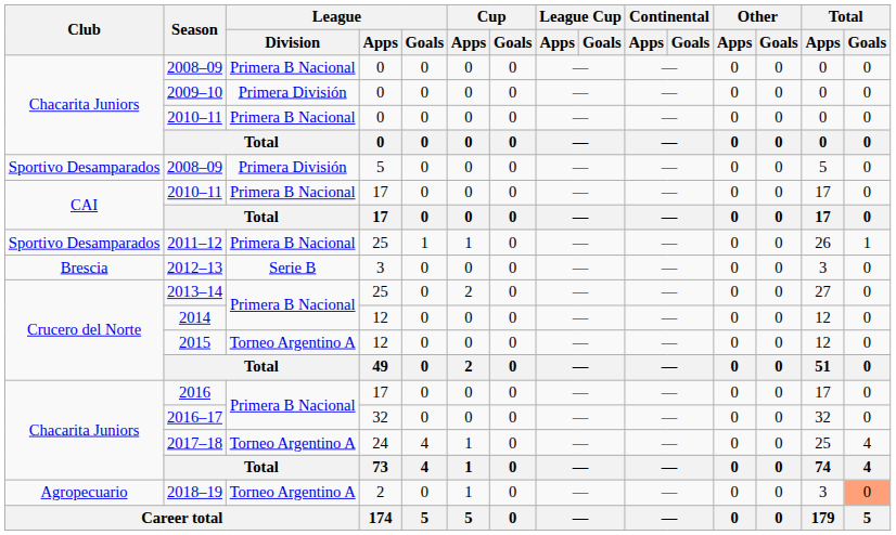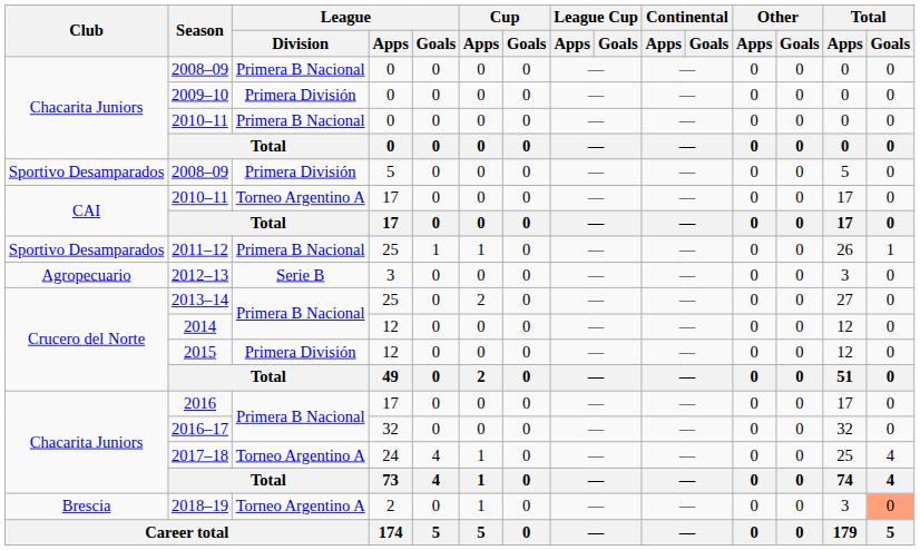 <table class="wikitable" style="text-align:center">
 <tr>
 <th rowspan="2">Club</th>
 <th rowspan="2">Season</th>
 <th colspan="3">League</th>
 <th colspan="2">Cup</th>
 <th colspan="2">League Cup</th>
 <th colspan="2">Continental</th>
 <th colspan="2">Other</th>
 <th colspan="2">Total</th>
 </tr>
 <tr>
 <th>Division</th>
 <th>Apps</th>
 <th>Goals</th>
 <th>Apps</th>
 <th>Goals</th>
 <th>Apps</th>
 <th>Goals</th>
 <th>Apps</th>
 <th>Goals</th>
 <th>Apps</th>
 <th>Goals</th>
 <th>Apps</th>
 <th>Goals</th>
 </tr>
 <tr>
 <td rowspan="4"><a href='#'>Chacarita Juniors</a></td>
 <td><a href='#'>2008–09</a></td>
 <td rowspan="1"><a href='#'>Primera B Nacional</a></td>
 <td>0</td>
 <td>0</td>
 <td>0</td>
 <td>0</td>
 <td colspan="2">—</td>
 <td colspan="2">—</td>
 <td>0</td>
 <td>0</td>
 <td>0</td>
 <td>0</td>
 </tr>
 <tr>
 <td><a href='#'>2009–10</a></td>
 <td rowspan="1"><a href='#'>Primera División</a></td>
 <td>0</td>
 <td>0</td>
 <td>0</td>
 <td>0</td>
 <td colspan="2">—</td>
 <td colspan="2">—</td>
 <td>0</td>
 <td>0</td>
 <td>0</td>
 <td>0</td>
 </tr>
 <tr>
 <td><a href='#'>2010–11</a></td>
 <td rowspan="1"><a href='#'>Primera B Nacional</a></td>
 <td>0</td>
 <td>0</td>
 <td>0</td>
 <td>0</td>
 <td colspan="2">—</td>
 <td colspan="2">—</td>
 <td>0</td>
 <td>0</td>
 <td>0</td>
 <td>0</td>
 </tr>
 <tr>
 <th colspan="2">Total</th>
 <th>0</th>
 <th>0</th>
 <th>0</th>
 <th>0</th>
 <th colspan="2">—</th>
 <th colspan="2">—</th>
 <th>0</th>
 <th>0</th>
 <th>0</th>
 <th>0</th>
 </tr>
 <tr>
 <td rowspan="1"><a href='#'>Sportivo Desamparados</a></td>
 <td><a href='#'>2008–09</a></td>
 <td rowspan="1"><a href='#'>Primera División</a></td>
 <td>5</td>
 <td>0</td>
 <td>0</td>
 <td>0</td>
 <td colspan="2">—</td>
 <td colspan="2">—</td>
 <td>0</td>
 <td>0</td>
 <td>5</td>
 <td>0</td>
 </tr>
 <tr>
 <td rowspan="2"><a href='#'>CAI</a></td>
 <td><a href='#'>2010–11</a></td>
-<td rowspan="1"><a href='#'>Primera B Nacional</a></td>
+<td rowspan="1"><a href='#'>Torneo Argentino A</a></td>
 <td>17</td>
 <td>0</td>
 <td>0</td>
 <td>0</td>
 <td colspan="2">—</td>
 <td colspan="2">—</td>
 <td>0</td>
 <td>0</td>
 <td>17</td>
 <td>0</td>
 </tr>
 <tr>
 <th colspan="2">Total</th>
 <th>17</th>
 <th>0</th>
 <th>0</th>
 <th>0</th>
 <th colspan="2">—</th>
 <th colspan="2">—</th>
 <th>0</th>
 <th>0</th>
 <th>17</th>
 <th>0</th>
 </tr>
 <tr>
 <td rowspan="1"><a href='#'>Sportivo Desamparados</a></td>
 <td><a href='#'>2011–12</a></td>
 <td rowspan="1"><a href='#'>Primera B Nacional</a></td>
 <td>25</td>
 <td>1</td>
 <td>1</td>
 <td>0</td>
 <td colspan="2">—</td>
 <td colspan="2">—</td>
 <td>0</td>
 <td>0</td>
 <td>26</td>
 <td>1</td>
 </tr>
 <tr>
-<td rowspan="1"><a href='#'>Brescia</a></td>
+<td rowspan="1"><a href='#'>Agropecuario</a></td>
 <td><a href='#'>2012–13</a></td>
 <td rowspan="1"><a href='#'>Serie B</a></td>
 <td>3</td>
 <td>0</td>
 <td>0</td>
 <td>0</td>
 <td colspan="2">—</td>
 <td colspan="2">—</td>
 <td>0</td>
 <td>0</td>
 <td>3</td>
 <td>0</td>
 </tr>
 <tr>
 <td rowspan="4"><a href='#'>Crucero del Norte</a></td>
 <td><a href='#'>2013–14</a></td>
 <td rowspan="2"><a href='#'>Primera B Nacional</a></td>
 <td>25</td>
 <td>0</td>
 <td>2</td>
 <td>0</td>
 <td colspan="2">—</td>
 <td colspan="2">—</td>
 <td>0</td>
 <td>0</td>
 <td>27</td>
 <td>0</td>
 </tr>
 <tr>
 <td><a href='#'>2014</a></td>
 <td>12</td>
 <td>0</td>
 <td>0</td>
 <td>0</td>
 <td colspan="2">—</td>
 <td colspan="2">—</td>
 <td>0</td>
 <td>0</td>
 <td>12</td>
 <td>0</td>
 </tr>
 <tr>
 <td><a href='#'>2015</a></td>
-<td rowspan="1"><a href='#'>Torneo Argentino A</a></td>
+<td rowspan="1"><a href='#'>Primera División</a></td>
 <td>12</td>
 <td>0</td>
 <td>0</td>
 <td>0</td>
 <td colspan="2">—</td>
 <td colspan="2">—</td>
 <td>0</td>
 <td>0</td>
 <td>12</td>
 <td>0</td>
 </tr>
 <tr>
 <th colspan="2">Total</th>
 <th>49</th>
 <th>0</th>
 <th>2</th>
 <th>0</th>
 <th colspan="2">—</th>
 <th colspan="2">—</th>
 <th>0</th>
 <th>0</th>
 <th>51</th>
 <th>0</th>
 </tr>
 <tr>
 <td rowspan="4"><a href='#'>Chacarita Juniors</a></td>
 <td><a href='#'>2016</a></td>
 <td rowspan="2"><a href='#'>Primera B Nacional</a></td>
 <td>17</td>
 <td>0</td>
 <td>0</td>
 <td>0</td>
 <td colspan="2">—</td>
 <td colspan="2">—</td>
 <td>0</td>
 <td>0</td>
 <td>17</td>
 <td>0</td>
 </tr>
 <tr>
 <td><a href='#'>2016–17</a></td>
 <td>32</td>
 <td>0</td>
 <td>0</td>
 <td>0</td>
 <td colspan="2">—</td>
 <td colspan="2">—</td>
 <td>0</td>
 <td>0</td>
 <td>32</td>
 <td>0</td>
 </tr>
 <tr>
 <td><a href='#'>2017–18</a></td>
 <td rowspan="1"><a href='#'>Torneo Argentino A</a></td>
 <td>24</td>
 <td>4</td>
 <td>1</td>
 <td>0</td>
 <td colspan="2">—</td>
 <td colspan="2">—</td>
 <td>0</td>
 <td>0</td>
 <td>25</td>
 <td>4</td>
 </tr>
 <tr>
 <th colspan="2">Total</th>
 <th>73</th>
 <th>4</th>
 <th>1</th>
 <th>0</th>
 <th colspan="2">—</th>
 <th colspan="2">—</th>
 <th>0</th>
 <th>0</th>
 <th>74</th>
 <th>4</th>
 </tr>
 <tr>
-<td rowspan="1"><a href='#'>Agropecuario</a></td>
+<td rowspan="1"><a href='#'>Brescia</a></td>
 <td><a href='#'>2018–19</a></td>
 <td rowspan="1"><a href='#'>Torneo Argentino A</a></td>
 <td>2</td>
 <td>0</td>
 <td>1</td>
 <td>0</td>
 <td colspan="2">—</td>
 <td colspan="2">—</td>
 <td>0</td>
 <td>0</td>
 <td>3</td>
 <td style="background: lightsalmon;">0</td>
 </tr>
 <tr>
 <th colspan="3">Career total</th>
 <th>174</th>
 <th>5</th>
 <th>5</th>
 <th>0</th>
 <th colspan="2">—</th>
 <th colspan="2">—</th>
 <th>0</th>
 <th>0</th>
 <th>179</th>
 <th>5</th>
 </tr>
 </table>
